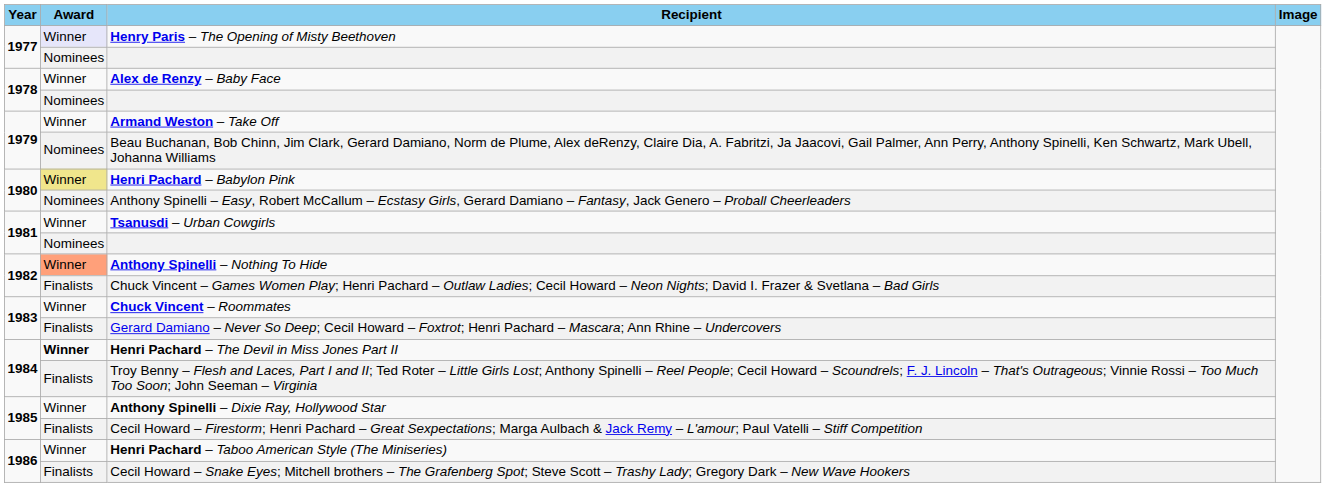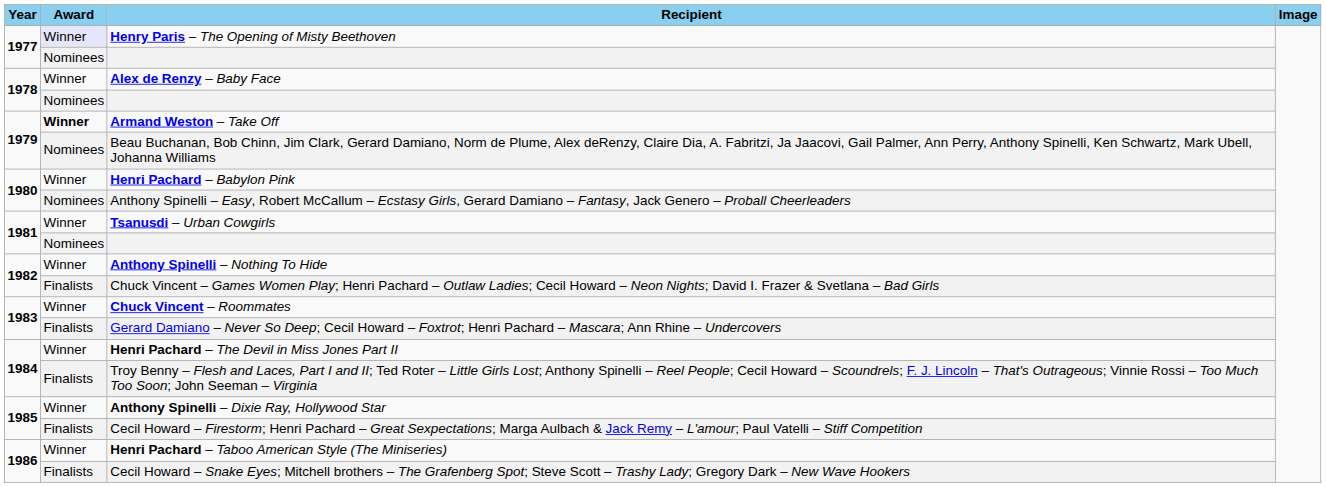 <table class="wikitable">
 <tr>
 <th style="background:#89CFF0">Year</th>
 <th style="background:#89CFF0">Award</th>
 <th style="background:#89CFF0">Recipient</th>
 <th style="background:#89CFF0">Image</th>
 </tr>
 <tr>
 <td rowspan=2><strong>1977</strong></td>
 <td style="background: lavender;">Winner</td>
 <td><strong><a href='#'>Henry Paris</a></strong> – <em>The Opening of Misty Beethoven</em></td>
 <td rowspan=20></td>
 </tr>
 <tr>
 <td style="background:#F2F2F2">Nominees</td>
 <td style="background:#F2F2F2"></td>
 </tr>
 <tr>
 <td rowspan=2><strong>1978</strong></td>
 <td>Winner</td>
 <td><strong><a href='#'>Alex de Renzy</a></strong> – <em>Baby Face</em></td>
 </tr>
 <tr>
 <td style="background:#F2F2F2">Nominees</td>
 <td style="background:#F2F2F2"></td>
 </tr>
 <tr>
 <td rowspan=2><strong>1979</strong></td>
-<td>Winner</td>
+<td><strong>Winner</strong></td>
 <td><strong><a href='#'>Armand Weston</a></strong> – <em>Take Off</em></td>
 </tr>
 <tr>
 <td style="background:#F2F2F2">Nominees</td>
 <td style="background:#F2F2F2">Beau Buchanan, Bob Chinn, Jim Clark, Gerard Damiano, Norm de Plume, Alex deRenzy, Claire Dia, A. Fabritzi, Ja Jaacovi, Gail Palmer, Ann Perry, Anthony Spinelli, Ken Schwartz, Mark Ubell, Johanna Williams</td>
 </tr>
 <tr>
 <td rowspan=2><strong>1980</strong></td>
-<td style="background: khaki;">Winner</td>
+<td>Winner</td>
 <td><strong><a href='#'>Henri Pachard</a></strong> – <em>Babylon Pink</em></td>
 </tr>
 <tr>
 <td style="background:#F2F2F2">Nominees</td>
 <td style="background:#F2F2F2">Anthony Spinelli – <em>Easy</em>, Robert McCallum – <em>Ecstasy Girls</em>, Gerard Damiano – <em>Fantasy</em>, Jack Genero – <em>Proball Cheerleaders</em></td>
 </tr>
 <tr>
 <td rowspan=2><strong>1981</strong></td>
 <td>Winner</td>
 <td><strong><a href='#'>Tsanusdi</a></strong> – <em>Urban Cowgirls</em></td>
 </tr>
 <tr>
 <td style="background:#F2F2F2">Nominees</td>
 <td style="background:#F2F2F2"></td>
 </tr>
 <tr>
 <td rowspan=2><strong>1982</strong></td>
-<td style="background: lightsalmon;">Winner</td>
+<td>Winner</td>
 <td><strong><a href='#'>Anthony Spinelli</a></strong> – <em>Nothing To Hide</em></td>
 </tr>
 <tr>
 <td style="background:#F2F2F2">Finalists</td>
 <td style="background:#F2F2F2">Chuck Vincent – <em>Games Women Play</em>; Henri Pachard – <em>Outlaw Ladies</em>; Cecil Howard – <em>Neon Nights</em>; David I. Frazer & Svetlana – <em>Bad Girls</em></td>
 </tr>
 <tr>
 <td rowspan=2><strong>1983</strong></td>
 <td>Winner</td>
 <td><strong><a href='#'>Chuck Vincent</a></strong> – <em>Roommates</em></td>
 </tr>
 <tr>
 <td style="background:#F2F2F2">Finalists</td>
 <td style="background:#F2F2F2"><a href='#'>Gerard Damiano</a> – <em>Never So Deep</em>; Cecil Howard – <em>Foxtrot</em>; Henri Pachard – <em>Mascara</em>; Ann Rhine – <em>Undercovers</em></td>
 </tr>
 <tr>
 <td rowspan=2><strong>1984</strong></td>
-<td><strong>Winner</strong></td>
+<td>Winner</td>
 <td><strong>Henri Pachard</strong> – <em>The Devil in Miss Jones Part II</em></td>
 </tr>
 <tr>
 <td style="background:#F2F2F2">Finalists</td>
 <td style="background:#F2F2F2">Troy Benny – <em>Flesh and Laces, Part I and II</em>; Ted Roter – <em>Little Girls Lost</em>; Anthony Spinelli – <em>Reel People</em>; Cecil Howard – <em>Scoundrels</em>; <a href='#'>F. J. Lincoln</a> – <em>That's Outrageous</em>; Vinnie Rossi – <em>Too Much Too Soon</em>; John Seeman – <em>Virginia</em></td>
 </tr>
 <tr>
 <td rowspan=2><strong>1985</strong></td>
 <td>Winner</td>
 <td><strong>Anthony Spinelli</strong> – <em>Dixie Ray, Hollywood Star</em></td>
 </tr>
 <tr>
 <td style="background:#F2F2F2">Finalists</td>
 <td style="background:#F2F2F2">Cecil Howard – <em>Firestorm</em>; Henri Pachard – <em>Great Sexpectations</em>; Marga Aulbach & <a href='#'>Jack Remy</a> – <em>L'amour</em>; Paul Vatelli – <em>Stiff Competition</em></td>
 </tr>
 <tr>
 <td rowspan=2><strong>1986</strong></td>
 <td>Winner</td>
 <td><strong>Henri Pachard</strong> – <em>Taboo American Style (The Miniseries)</em></td>
 </tr>
 <tr>
 <td style="background:#F2F2F2">Finalists</td>
 <td style="background:#F2F2F2">Cecil Howard – <em>Snake Eyes</em>; Mitchell brothers – <em>The Grafenberg Spot</em>; Steve Scott – <em>Trashy Lady</em>; Gregory Dark – <em>New Wave Hookers</em></td>
 </tr>
 </table>
